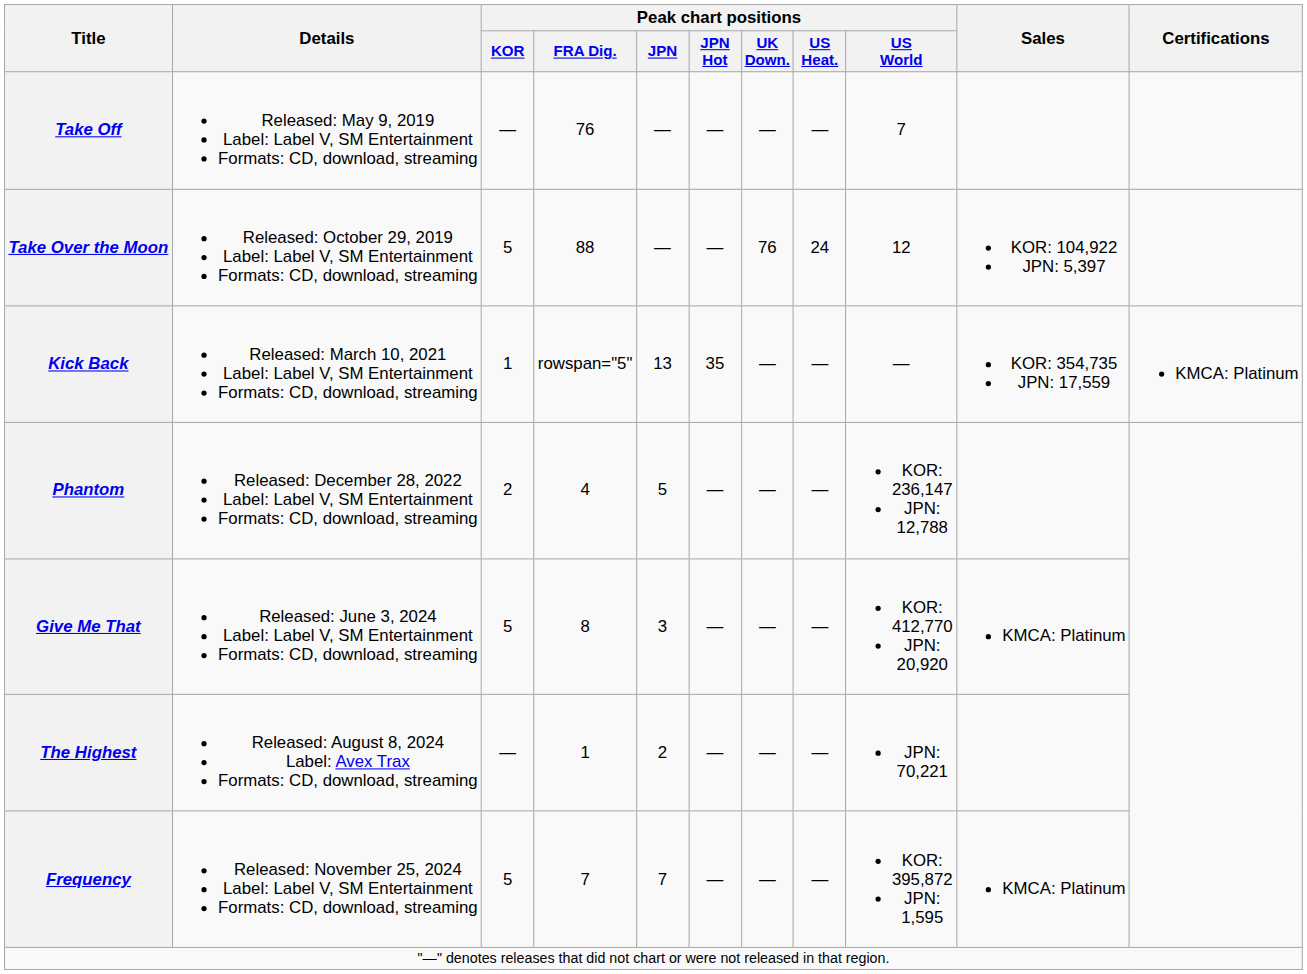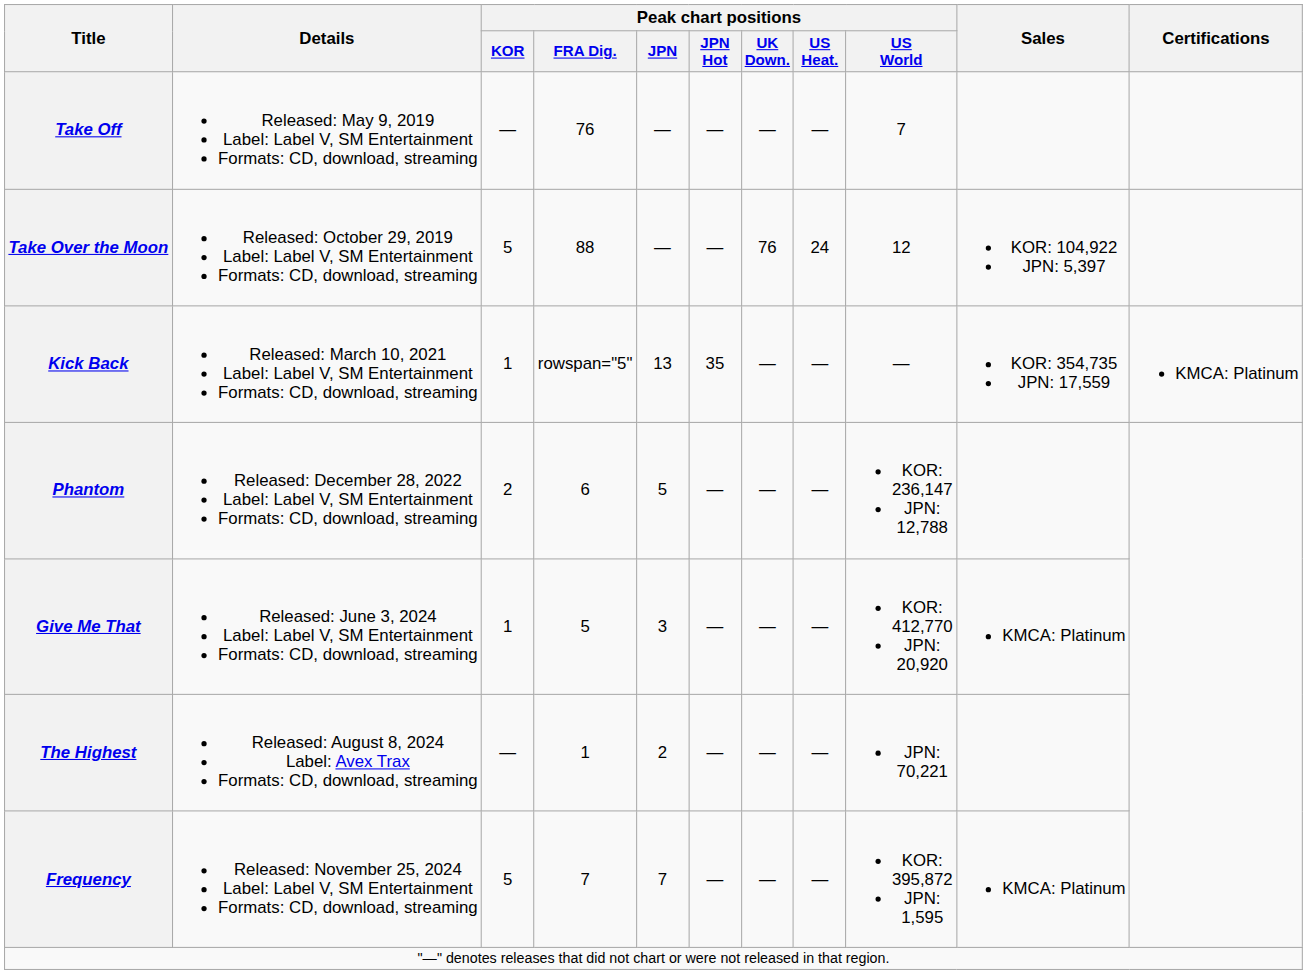 <table class="wikitable plainrowheaders" style="text-align:center">
 <tr>
 <th scope="col" rowspan="2">Title</th>
 <th scope="col" rowspan="2">Details</th>
 <th scope="col" colspan="7">Peak chart positions</th>
 <th scope="col" rowspan="2">Sales</th>
 <th scope="col" rowspan="2">Certifications</th>
 </tr>
 <tr>
 <th scope="col" style="width:3em;font-size:90%"><a href='#'>KOR</a><br></th>
 <th scope="col" style="width:3em;font-size:90%"><a href='#'>FRA Dig.</a><br></th>
 <th scope="col" style="width:3em;font-size:90%"><a href='#'>JPN</a><br></th>
 <th scope="col" style="width:3em;font-size:90%"><a href='#'>JPN Hot</a><br></th>
 <th scope="col" style="width:3em;font-size:90%"><a href='#'>UK Down.</a> <br></th>
 <th scope="col" style="width:3em;font-size:90%"><a href='#'>US<br>Heat.</a><br></th>
 <th scope="col" style="width:3em;font-size:90%"><a href='#'>US<br>World</a><br></th>
 </tr>
 <tr>
 <th scope="row"><em><a href='#'>Take Off</a></em></th>
 <td><br><ul><li>Released: May 9, 2019 </li><li>Label: Label V, SM Entertainment</li><li>Formats: CD, download, streaming</li></ul></td>
 <td>—</td>
 <td>76</td>
 <td>—</td>
 <td>—</td>
 <td>—</td>
 <td>—</td>
 <td>7</td>
 <td></td>
 <td></td>
 </tr>
 <tr>
 <th scope="row"><em><a href='#'>Take Over the Moon</a></em></th>
 <td><br><ul><li>Released: October 29, 2019 </li><li>Label: Label V, SM Entertainment</li><li>Formats: CD, download, streaming</li></ul></td>
 <td>5</td>
 <td>88</td>
 <td>—</td>
 <td>—</td>
 <td>76</td>
 <td>24</td>
 <td>12</td>
 <td><br><ul><li>KOR: 104,922</li><li>JPN: 5,397</li></ul></td>
 <td></td>
 </tr>
 <tr>
 <th scope="row"><em><a href='#'>Kick Back</a></em></th>
 <td><br><ul><li>Released: March 10, 2021 </li><li>Label: Label V, SM Entertainment</li><li>Formats: CD, download, streaming</li></ul></td>
 <td>1</td>
 <td>rowspan="5" </td>
 <td>13</td>
 <td>35</td>
 <td>—</td>
 <td>—</td>
 <td>—</td>
 <td><br><ul><li>KOR: 354,735</li><li>JPN: 17,559</li></ul></td>
 <td><br><ul><li>KMCA: Platinum</li></ul></td>
 </tr>
 <tr>
 <th scope="row"><em><a href='#'>Phantom</a></em></th>
 <td><br><ul><li>Released: December 28, 2022 </li><li>Label: Label V, SM Entertainment</li><li>Formats: CD, download, streaming</li></ul></td>
 <td>2</td>
-<td>4</td>
+<td>6</td>
 <td>5</td>
 <td>—</td>
 <td>—</td>
 <td>—</td>
 <td><br><ul><li>KOR: 236,147</li><li>JPN: 12,788</li></ul></td>
 <td></td>
 </tr>
 <tr>
 <th scope="row"><em><a href='#'>Give Me That</a></em></th>
 <td><br><ul><li>Released: June 3, 2024 </li><li>Label: Label V, SM Entertainment</li><li>Formats: CD, download, streaming</li></ul></td>
+<td>1</td>
 <td>5</td>
-<td>8</td>
 <td>3</td>
 <td>—</td>
 <td>—</td>
 <td>—</td>
 <td><br><ul><li>KOR: 412,770</li><li>JPN: 20,920</li></ul></td>
 <td><br><ul><li>KMCA: Platinum</li></ul></td>
 </tr>
 <tr>
 <th scope="row"><em><a href='#'>The Highest</a></em></th>
 <td><br><ul><li>Released: August 8, 2024 </li><li>Label: <a href='#'>Avex Trax</a></li><li>Formats: CD, download, streaming</li></ul></td>
 <td>—</td>
 <td>1</td>
 <td>2</td>
 <td>—</td>
 <td>—</td>
 <td>—</td>
 <td><br><ul><li>JPN: 70,221</li></ul></td>
 <td></td>
 </tr>
 <tr>
 <th scope="row"><em><a href='#'>Frequency</a></em></th>
 <td><br><ul><li>Released: November 25, 2024 </li><li>Label: Label V, SM Entertainment</li><li>Formats: CD, download, streaming</li></ul></td>
 <td>5</td>
 <td>7</td>
 <td>7</td>
 <td>—</td>
 <td>—</td>
 <td>—</td>
 <td><br><ul><li>KOR: 395,872</li><li>JPN: 1,595</li></ul></td>
 <td><br><ul><li>KMCA: Platinum</li></ul></td>
 </tr>
 <tr>
 <td colspan="13" style="text-align:center; font-size:85%">"—" denotes releases that did not chart or were not released in that region.</td>
 </tr>
 </table>
